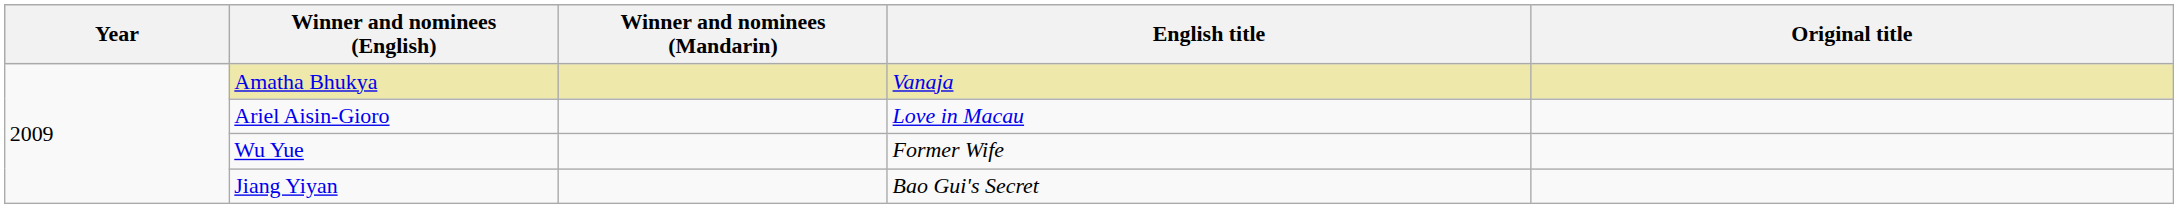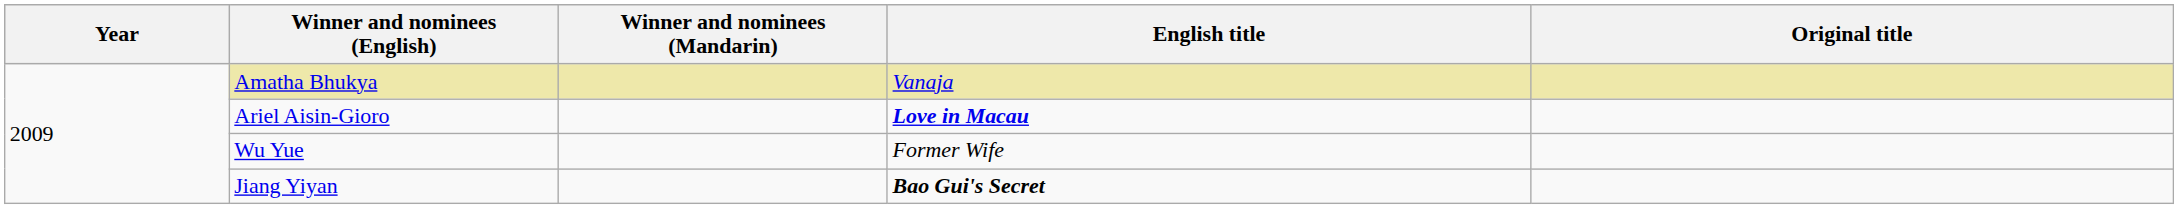 <table class="wikitable" style="width:100%;">
 <tr style="background:#bebebe">
 <th width="100"><strong>Year</strong></th>
 <th width="150"><strong>Winner and nominees<br>(English)</strong></th>
 <th width="150"><strong>Winner and nominees<br>(Mandarin)</strong></th>
 <th width="300"><strong>English title</strong></th>
 <th width="300"><strong>Original title</strong></th>
 </tr>
 <tr>
 <td rowspan="4">2009</td>
 <td style="background:#EEE8AA;"><a href='#'>Amatha Bhukya</a></td>
 <td style="background:#EEE8AA;"></td>
 <td style="background:#EEE8AA;"><em><a href='#'>Vanaja</a></em></td>
 <td style="background:#EEE8AA;"></td>
 </tr>
 <tr>
 <td><a href='#'>Ariel Aisin-Gioro</a></td>
 <td></td>
-<td><em><a href='#'>Love in Macau</a></em></td>
+<td><strong><em><a href='#'>Love in Macau</a></em></strong></td>
 <td></td>
 </tr>
 <tr>
 <td><a href='#'>Wu Yue</a></td>
 <td></td>
 <td><em>Former Wife</em></td>
 <td></td>
 </tr>
 <tr>
 <td><a href='#'>Jiang Yiyan</a></td>
 <td></td>
-<td><em>Bao Gui's Secret</em></td>
+<td><strong><em>Bao Gui's Secret</em></strong></td>
 <td></td>
 </tr>
 </table>
